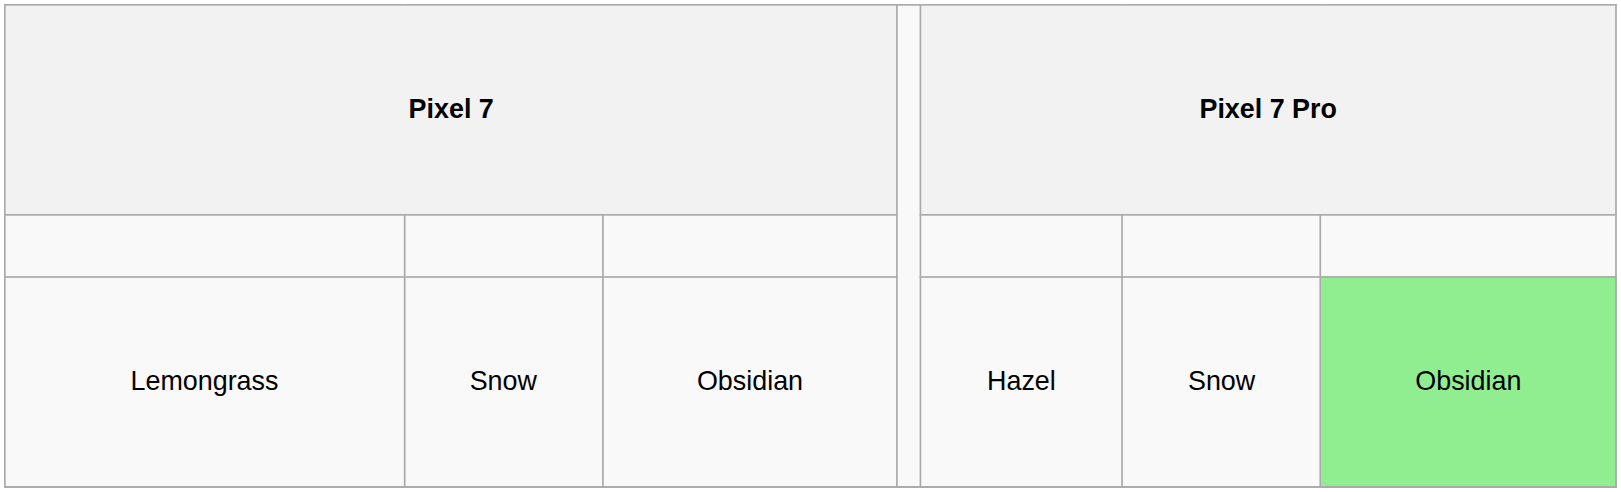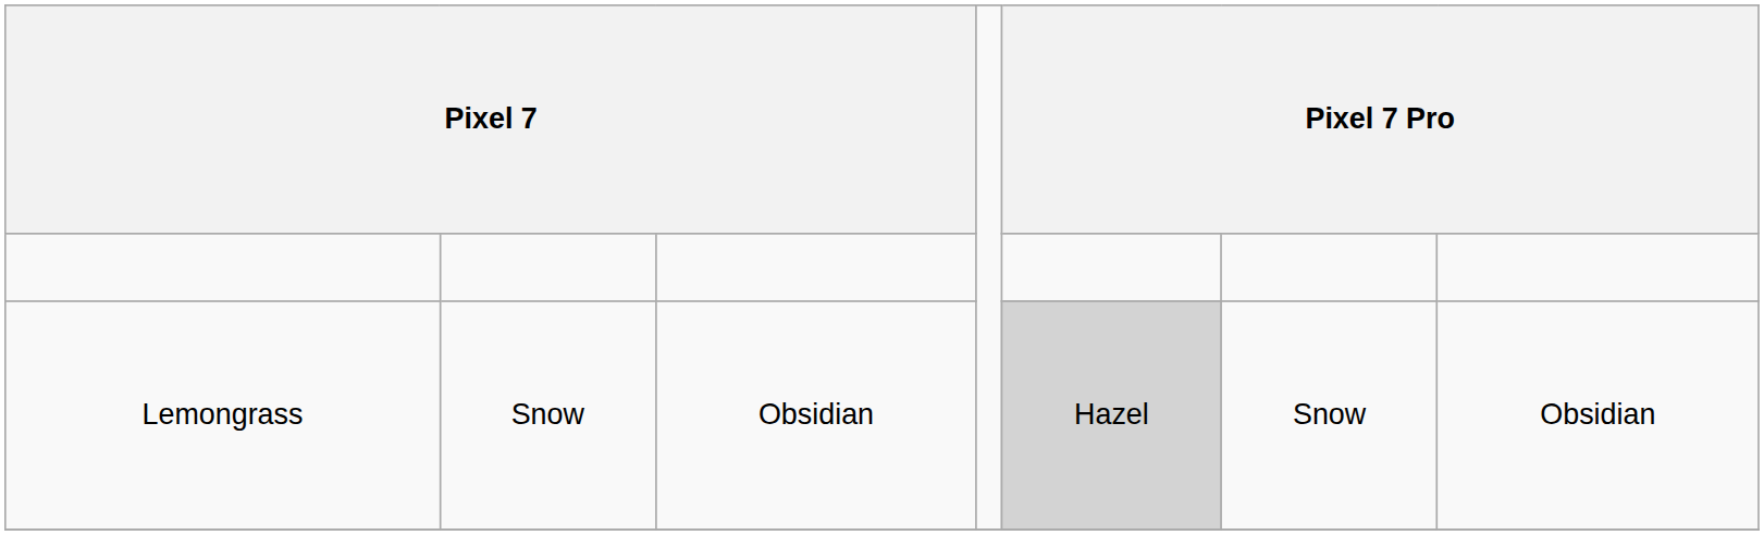 <table class="wikitable" style="text-align: center; width:60em; height:18em;">
 <tr>
 <th colspan="3"><strong>Pixel 7</strong></th>
 <td rowspan=3 style="font-size:70%;"></td>
 <th colspan="3"><strong>Pixel 7 Pro</strong></th>
 </tr>
 <tr>
 <td></td>
 <td></td>
 <td></td>
 <td></td>
 <td></td>
 <td></td>
 </tr>
 <tr>
 <td> Lemongrass</td>
 <td> Snow</td>
 <td> Obsidian</td>
-<td> Hazel</td>
+<td style="background: lightgrey;"> Hazel</td>
 <td> Snow</td>
-<td style="background: lightgreen;"> Obsidian</td>
+<td> Obsidian</td>
 </tr>
 <tr>
 </tr>
 </table>
